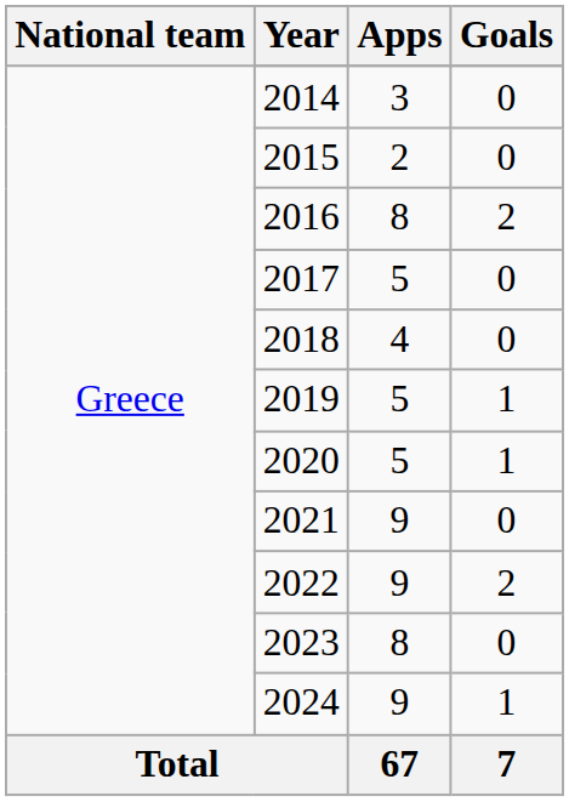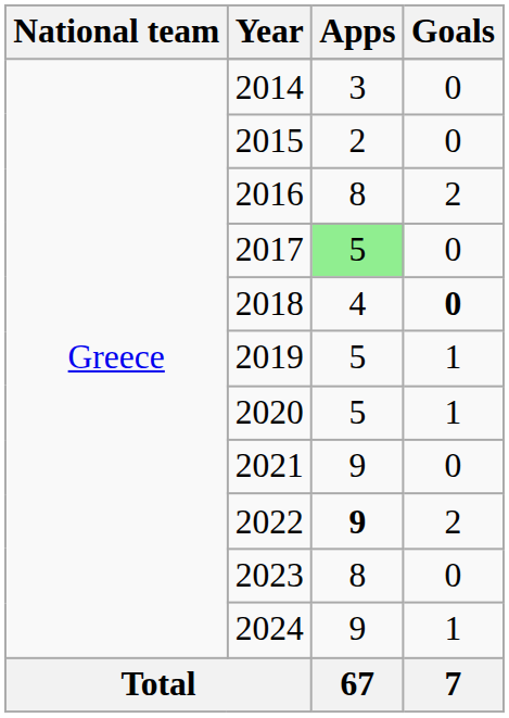 <table class="wikitable" style="text-align: center">
 <tr>
 <th>National team</th>
 <th>Year</th>
 <th>Apps</th>
 <th>Goals</th>
 </tr>
 <tr>
 <td rowspan="12"><a href='#'>Greece</a></td>
 </tr>
 <tr>
 <td>2014</td>
 <td>3</td>
 <td>0</td>
 </tr>
 <tr>
 <td>2015</td>
 <td>2</td>
 <td>0</td>
 </tr>
 <tr>
 <td>2016</td>
 <td>8</td>
 <td>2</td>
 </tr>
 <tr>
 <td>2017</td>
-<td>5</td>
+<td style="background: lightgreen;">5</td>
 <td>0</td>
 </tr>
 <tr>
 <td>2018</td>
 <td>4</td>
-<td>0</td>
+<td><strong>0</strong></td>
 </tr>
 <tr>
 <td>2019</td>
 <td>5</td>
 <td>1</td>
 </tr>
 <tr>
 <td>2020</td>
 <td>5</td>
 <td>1</td>
 </tr>
 <tr>
 <td>2021</td>
 <td>9</td>
 <td>0</td>
 </tr>
 <tr>
 <td>2022</td>
-<td>9</td>
+<td><strong>9</strong></td>
 <td>2</td>
 </tr>
 <tr>
 <td>2023</td>
 <td>8</td>
 <td>0</td>
 </tr>
 <tr>
 <td>2024</td>
 <td>9</td>
 <td>1</td>
 </tr>
 <tr>
 <th colspan=2>Total</th>
 <th>67</th>
 <th>7</th>
 </tr>
 </table>
